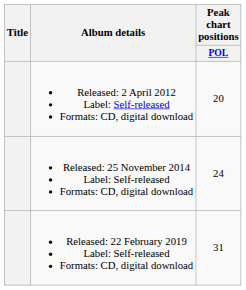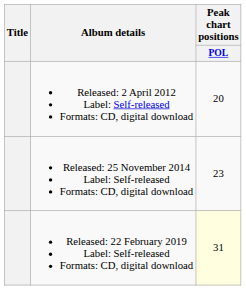 <table class="wikitable plainrowheaders" style="text-align:center;">
 <tr>
 <th rowspan="2" scope="col">Title</th>
 <th rowspan="2" scope="col">Album details</th>
 <th colspan="1" scope="col">Peak chart positions</th>
 </tr>
 <tr>
 <th scope="col" style="width:3em;font-size:90%;"><a href='#'>POL</a><br></th>
 </tr>
 <tr>
 <th scope="row"></th>
 <td><br><ul><li>Released: 2 April 2012</li><li>Label: <a href='#'>Self-released</a></li><li>Formats: CD, digital download</li></ul></td>
 <td>20</td>
 </tr>
 <tr>
 <th scope="row"></th>
 <td><br><ul><li>Released: 25 November 2014</li><li>Label: Self-released</li><li>Formats: CD, digital download</li></ul></td>
-<td>24</td>
+<td>23</td>
 </tr>
 <tr>
 <th scope="row"></th>
 <td><br><ul><li>Released: 22 February 2019</li><li>Label: Self-released</li><li>Formats: CD, digital download</li></ul></td>
-<td>31</td>
+<td style="background: lightyellow;">31</td>
 </tr>
 </table>
